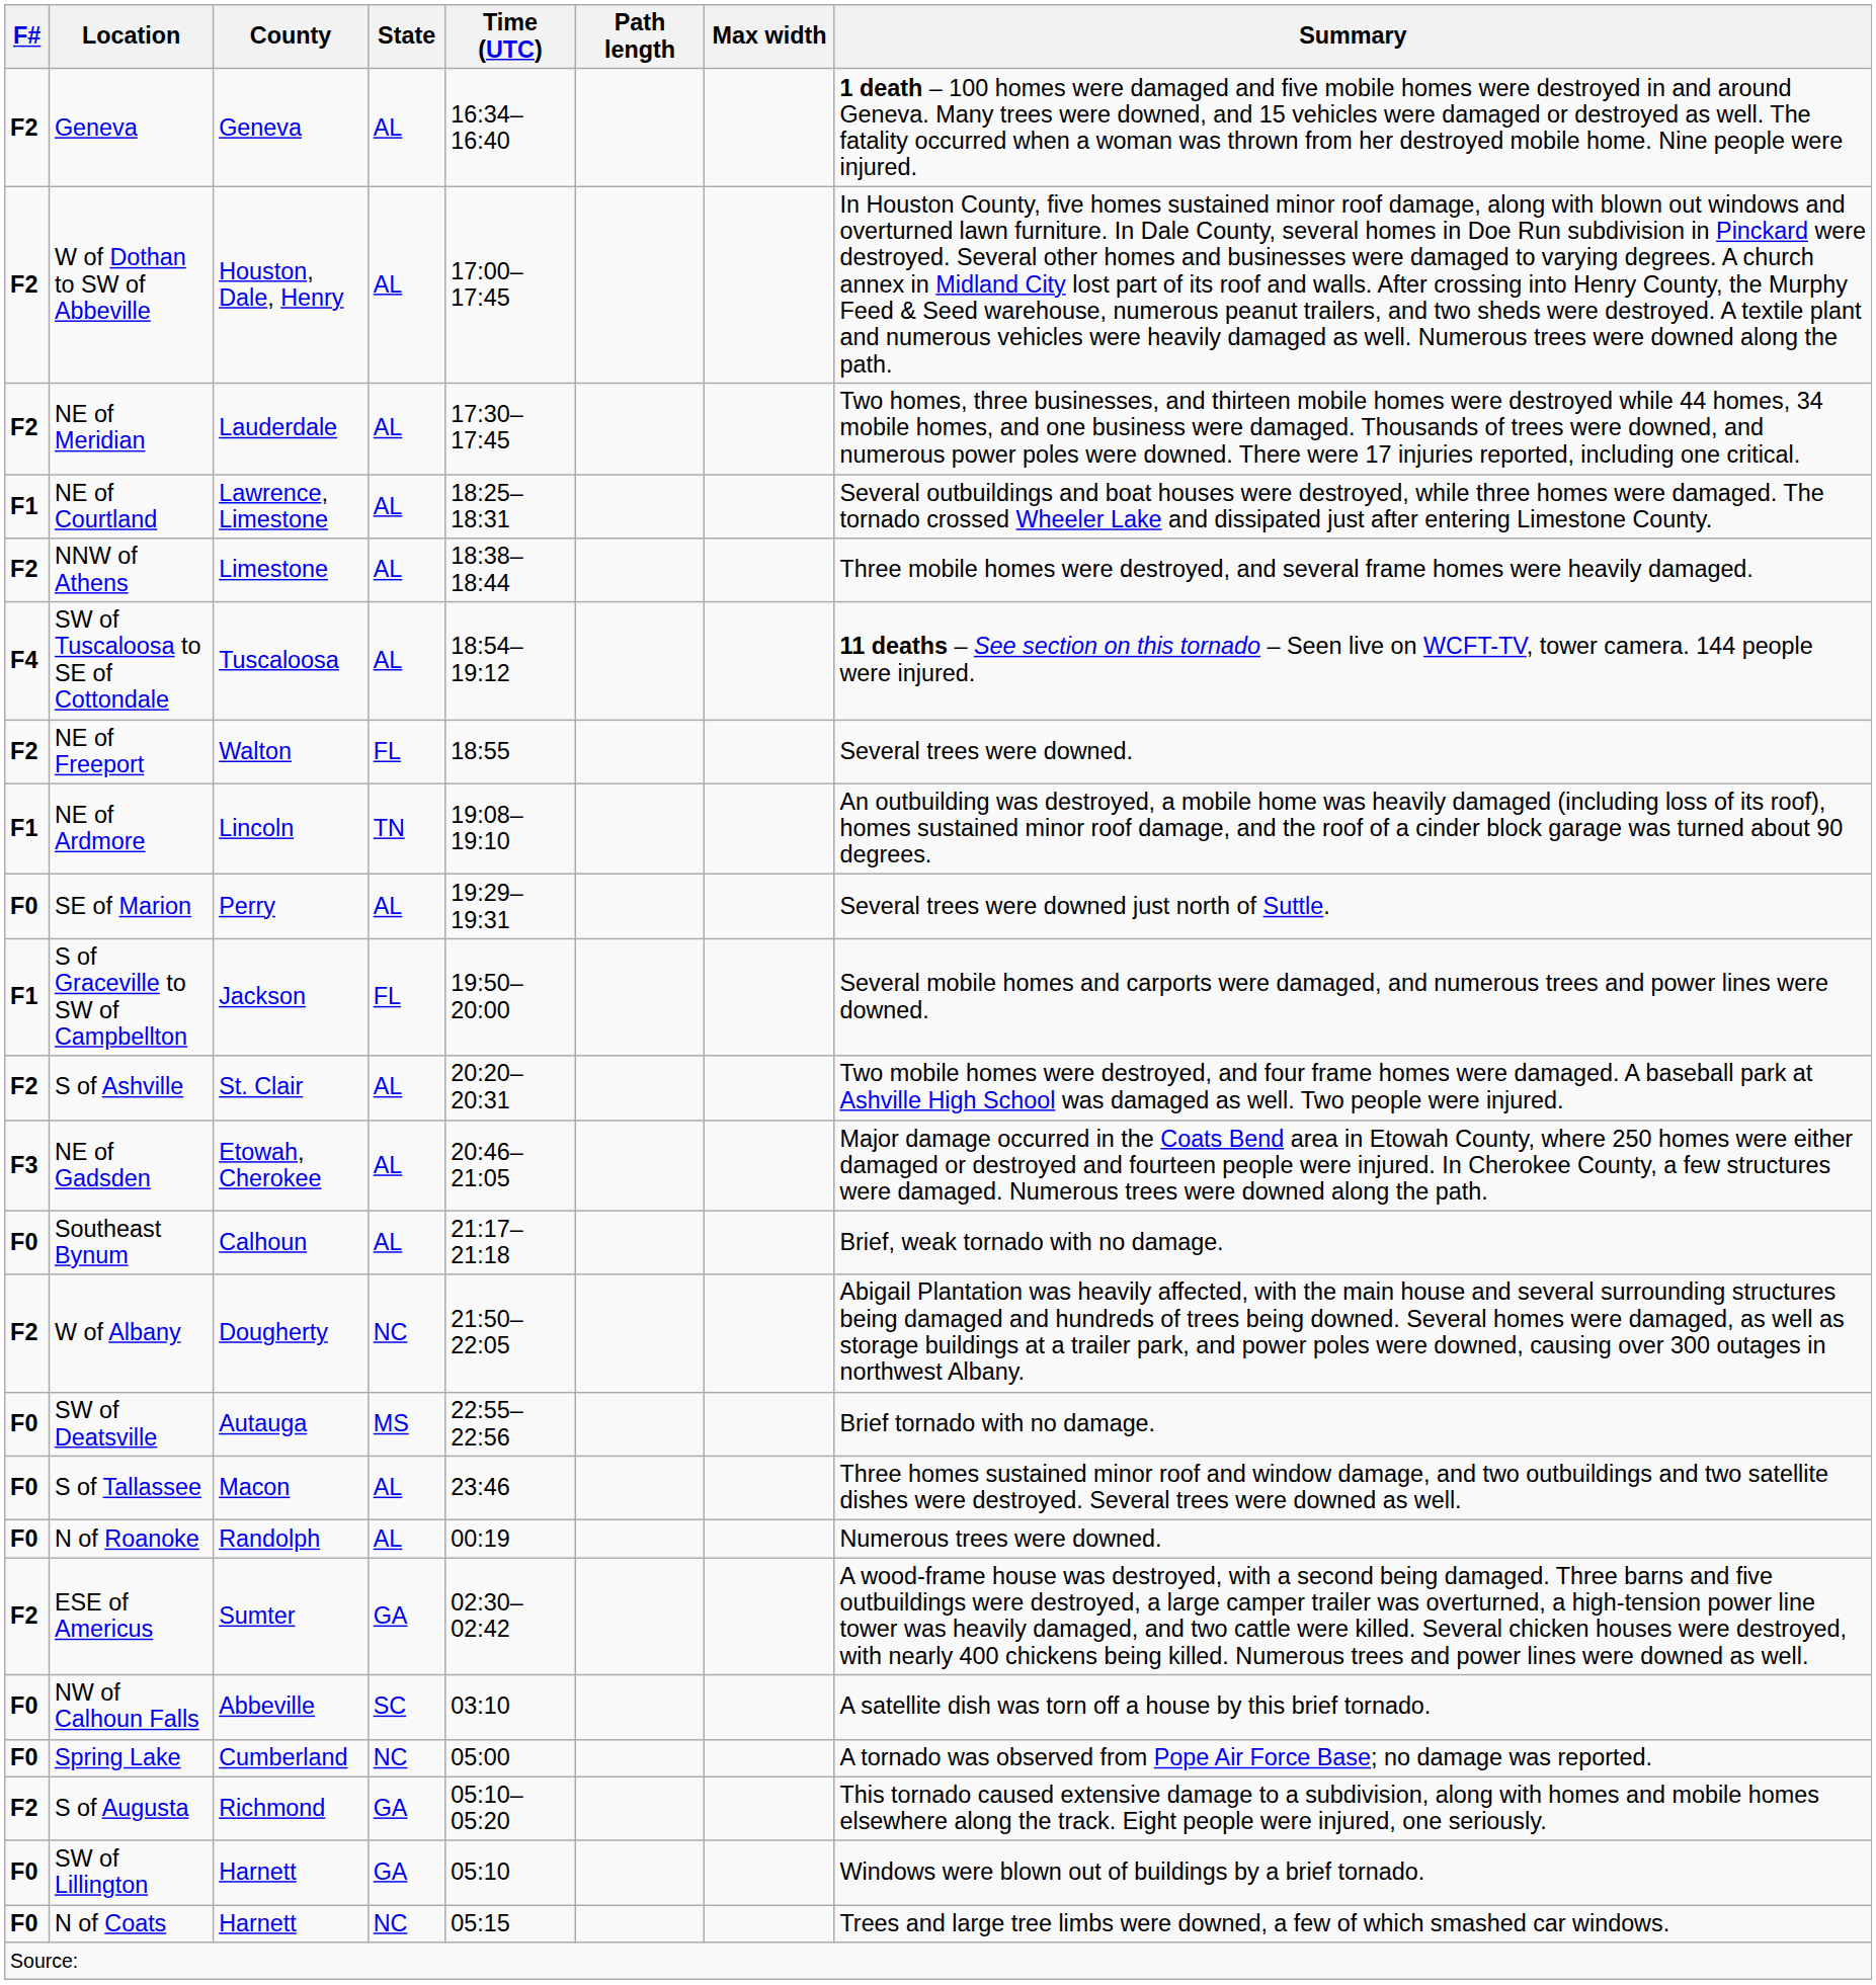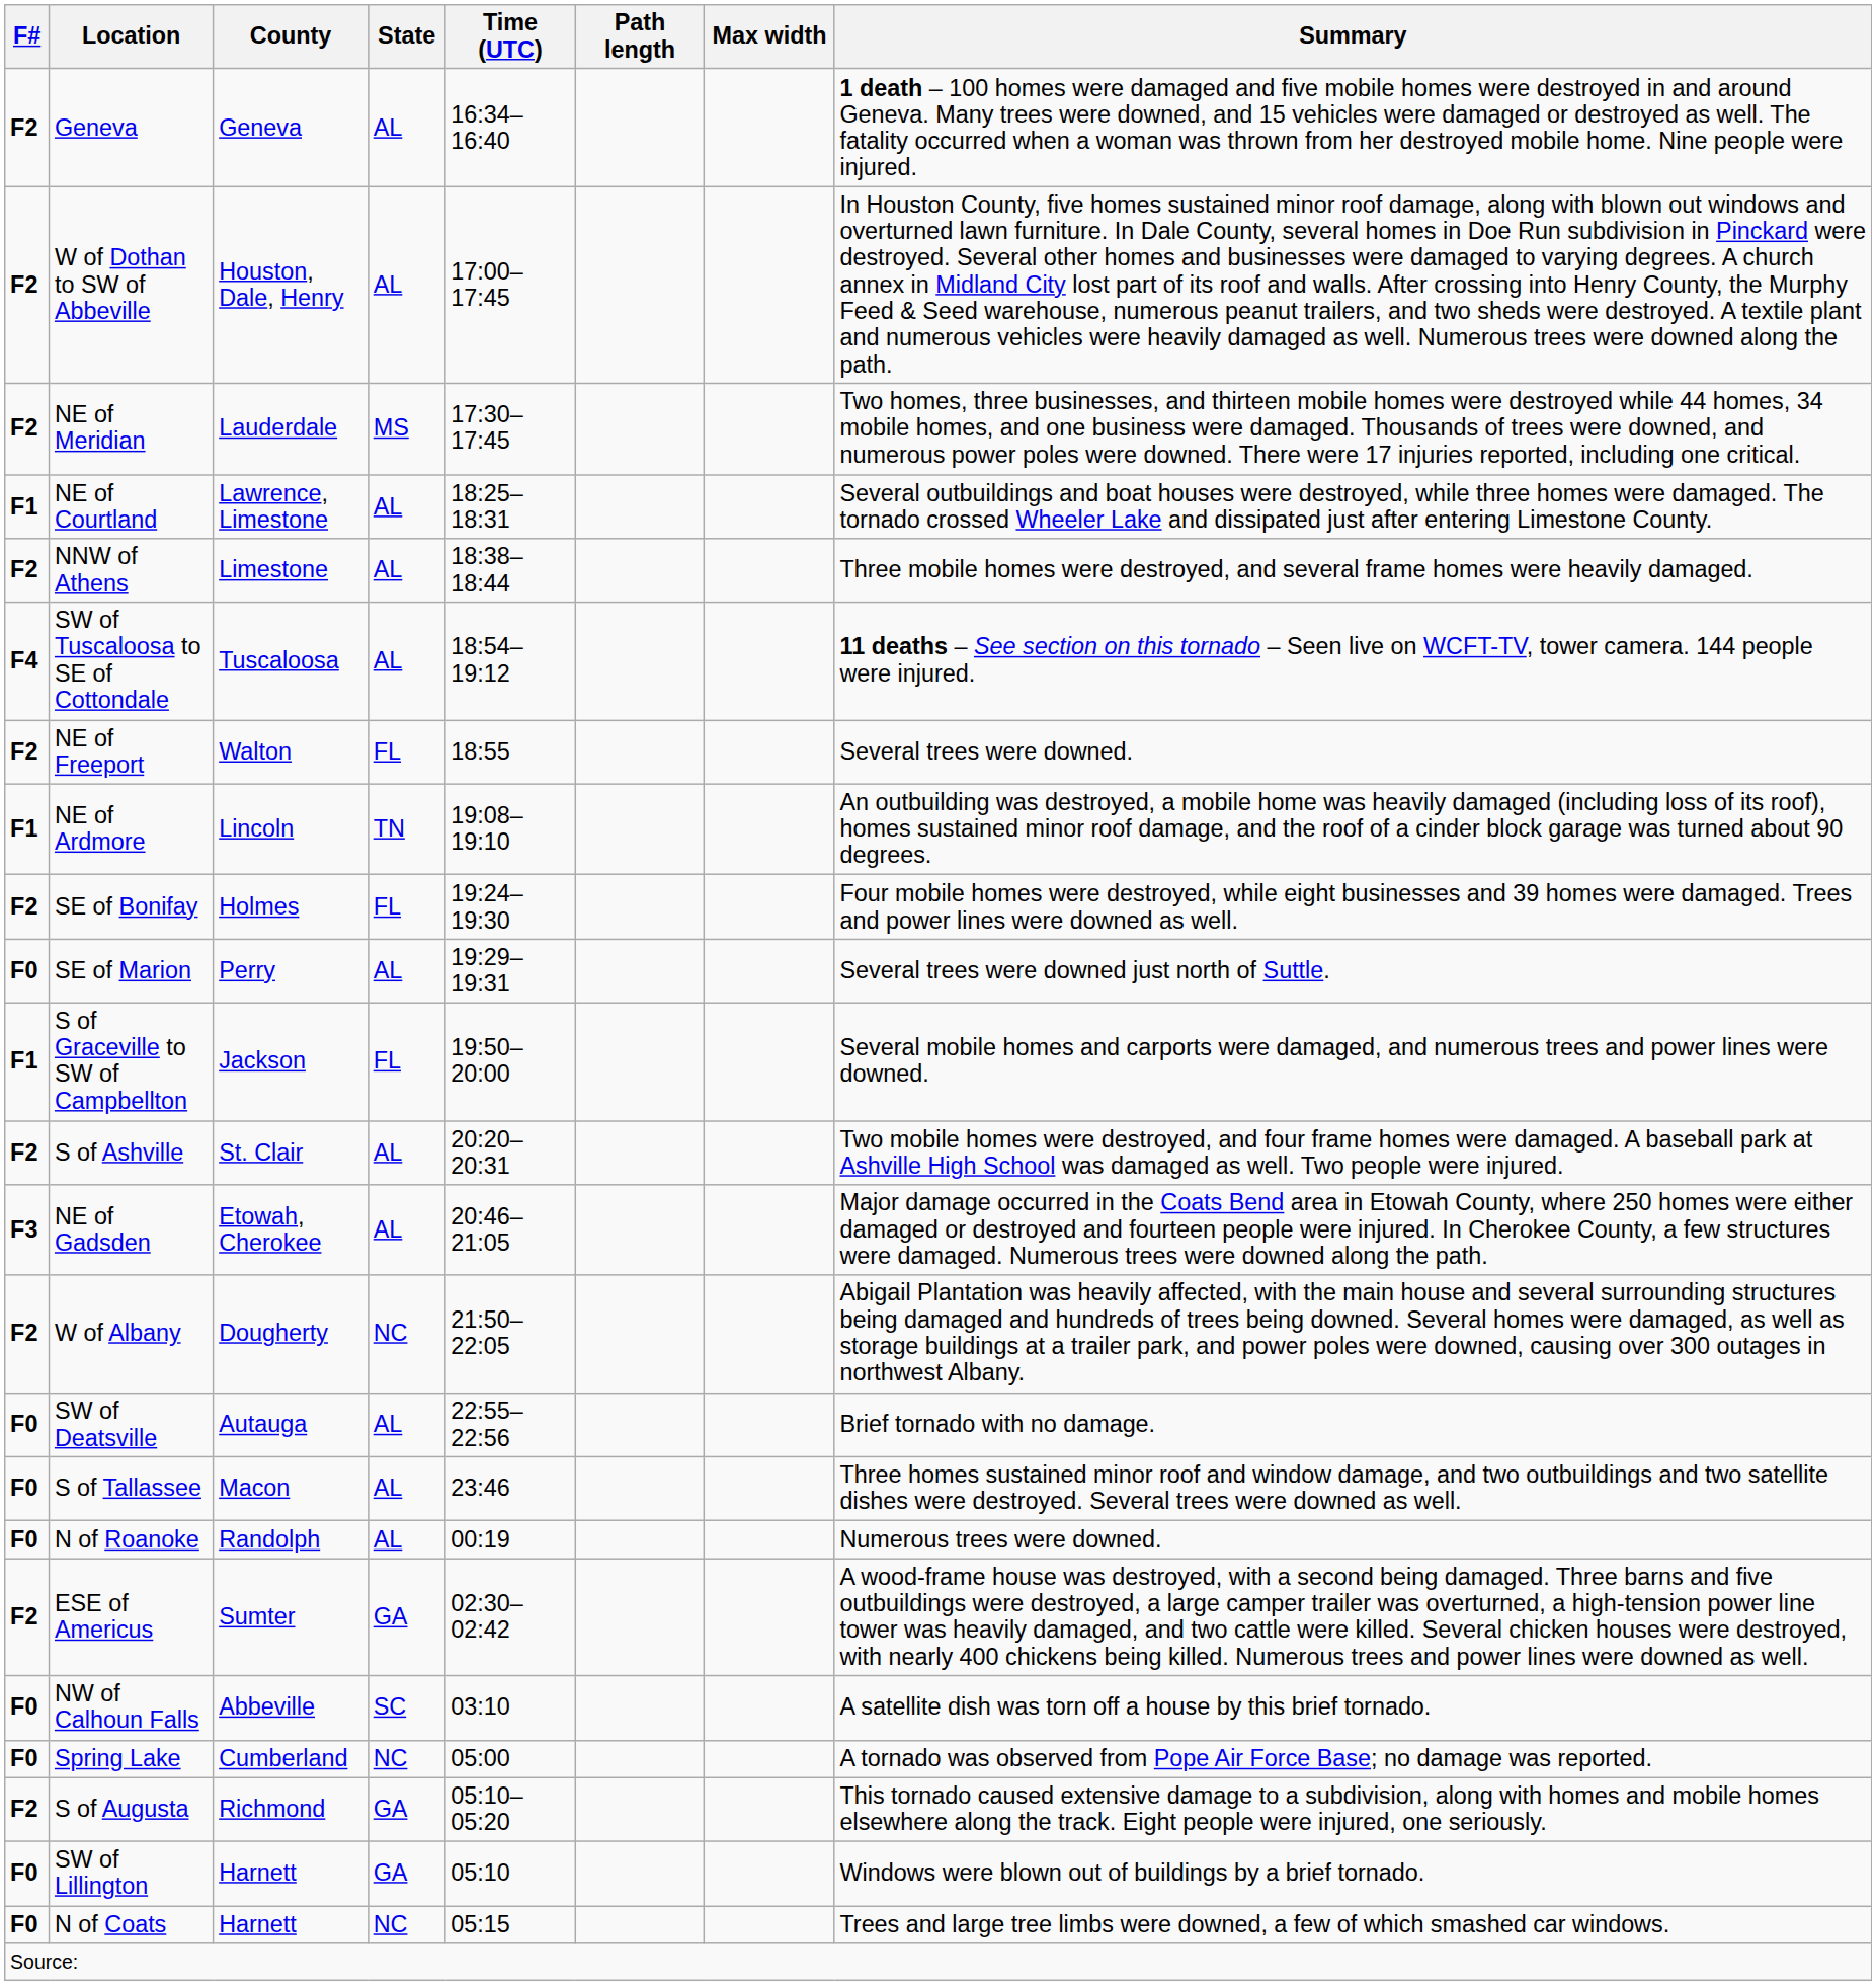 <table class="wikitable sortable" style="width:100%;">
 <tr>
 <th scope="col"  style="width:2%; text-align:center;"><a href='#'>F#</a></th>
 <th scope="col"  style="width:7%; text-align:center;" class="unsortable">Location</th>
 <th scope="col"  style="width:5%; text-align:center;" class="unsortable">County</th>
 <th scope="col"  style="width:3%; text-align:center;">State</th>
 <th scope="col"  style="width:6%; text-align:center;">Time (<a href='#'>UTC</a>)</th>
 <th scope="col"  style="width:6%; text-align:center;">Path length</th>
 <th scope="col"  style="width:6%; text-align:center;">Max width</th>
 <th scope="col" class="unsortable" style="width:48%; text-align:center;">Summary</th>
 </tr>
 <tr>
 <td><strong>F2</strong></td>
 <td><a href='#'>Geneva</a></td>
 <td><a href='#'>Geneva</a></td>
 <td><a href='#'>AL</a></td>
 <td>16:34–16:40</td>
 <td></td>
 <td></td>
 <td><strong>1 death</strong> – 100 homes were damaged and five mobile homes were destroyed in and around Geneva. Many trees were downed, and 15 vehicles were damaged or destroyed as well. The fatality occurred when a woman was thrown  from her destroyed mobile home. Nine people were injured.</td>
 </tr>
 <tr>
 <td><strong>F2</strong></td>
 <td>W of <a href='#'>Dothan</a> to SW of <a href='#'>Abbeville</a></td>
 <td><a href='#'>Houston</a>, <a href='#'>Dale</a>, <a href='#'>Henry</a></td>
 <td><a href='#'>AL</a></td>
 <td>17:00–17:45</td>
 <td></td>
 <td></td>
 <td>In Houston County, five homes sustained minor roof damage, along with blown out windows and overturned lawn furniture. In Dale County, several homes in Doe Run subdivision in <a href='#'>Pinckard</a> were destroyed. Several other homes and businesses were damaged to varying degrees. A church annex in <a href='#'>Midland City</a> lost part of its roof and walls. After crossing into Henry County, the Murphy Feed & Seed warehouse, numerous peanut trailers, and two sheds were destroyed. A textile plant and numerous vehicles were heavily damaged as well. Numerous trees were downed along the path.</td>
 </tr>
 <tr>
 <td><strong>F2</strong></td>
 <td>NE of <a href='#'>Meridian</a></td>
 <td><a href='#'>Lauderdale</a></td>
-<td><a href='#'>AL</a></td>
+<td><a href='#'>MS</a></td>
 <td>17:30–17:45</td>
 <td></td>
 <td></td>
 <td>Two homes, three businesses, and thirteen mobile homes were destroyed while 44 homes, 34 mobile homes, and one business were damaged. Thousands of trees were downed, and numerous power poles were downed. There were 17 injuries reported, including one critical.</td>
 </tr>
 <tr>
 <td><strong>F1</strong></td>
 <td>NE of <a href='#'>Courtland</a></td>
 <td><a href='#'>Lawrence</a>, <a href='#'>Limestone</a></td>
 <td><a href='#'>AL</a></td>
 <td>18:25–18:31</td>
 <td></td>
 <td></td>
 <td>Several outbuildings and boat houses were destroyed, while three homes were damaged. The tornado crossed <a href='#'>Wheeler Lake</a> and dissipated just after entering Limestone County.</td>
 </tr>
 <tr>
 <td><strong>F2</strong></td>
 <td>NNW of <a href='#'>Athens</a></td>
 <td><a href='#'>Limestone</a></td>
 <td><a href='#'>AL</a></td>
 <td>18:38–18:44</td>
 <td></td>
 <td></td>
 <td>Three mobile homes were destroyed, and several frame homes were heavily damaged.</td>
 </tr>
 <tr>
 <td><strong>F4</strong></td>
 <td>SW of <a href='#'>Tuscaloosa</a> to SE of <a href='#'>Cottondale</a></td>
 <td><a href='#'>Tuscaloosa</a></td>
 <td><a href='#'>AL</a></td>
 <td>18:54–19:12</td>
 <td></td>
 <td></td>
 <td><strong>11 deaths</strong> – <em><a href='#'>See section on this tornado</a></em> – Seen live on <a href='#'>WCFT-TV</a>, tower camera. 144 people were injured.</td>
 </tr>
 <tr>
 <td><strong>F2</strong></td>
 <td>NE of <a href='#'>Freeport</a></td>
 <td><a href='#'>Walton</a></td>
 <td><a href='#'>FL</a></td>
 <td>18:55</td>
 <td></td>
 <td></td>
 <td>Several trees were downed.</td>
 </tr>
 <tr>
 <td><strong>F1</strong></td>
 <td>NE of <a href='#'>Ardmore</a></td>
 <td><a href='#'>Lincoln</a></td>
 <td><a href='#'>TN</a></td>
 <td>19:08–19:10</td>
 <td></td>
 <td></td>
 <td>An outbuilding was destroyed, a mobile home was heavily damaged (including loss of its roof), homes sustained minor roof damage, and the roof of a cinder block garage was turned about 90 degrees.</td>
 </tr>
 <tr>
+<td><strong>F2</strong></td>
+<td>SE of <a href='#'>Bonifay</a></td>
+<td><a href='#'>Holmes</a></td>
+<td><a href='#'>FL</a></td>
+<td>19:24–19:30</td>
+<td></td>
+<td></td>
+<td>Four mobile homes were destroyed, while eight businesses and 39 homes were damaged. Trees and power lines were downed as well.</td>
+</tr>
+<tr>
 <td><strong>F0</strong></td>
 <td>SE of <a href='#'>Marion</a></td>
 <td><a href='#'>Perry</a></td>
 <td><a href='#'>AL</a></td>
 <td>19:29–19:31</td>
 <td></td>
 <td></td>
 <td>Several trees were downed just north of <a href='#'>Suttle</a>.</td>
 </tr>
 <tr>
 <td><strong>F1</strong></td>
 <td>S of <a href='#'>Graceville</a> to SW of <a href='#'>Campbellton</a></td>
 <td><a href='#'>Jackson</a></td>
 <td><a href='#'>FL</a></td>
 <td>19:50–20:00</td>
 <td></td>
 <td></td>
 <td>Several mobile homes and carports were damaged, and numerous trees and power lines were downed.</td>
 </tr>
 <tr>
 <td><strong>F2</strong></td>
 <td>S of <a href='#'>Ashville</a></td>
 <td><a href='#'>St. Clair</a></td>
 <td><a href='#'>AL</a></td>
 <td>20:20–20:31</td>
 <td></td>
 <td></td>
 <td>Two mobile homes were destroyed, and four frame homes were damaged. A baseball park at <a href='#'>Ashville High School</a> was damaged as well. Two people were injured.</td>
 </tr>
 <tr>
 <td><strong>F3</strong></td>
 <td>NE of <a href='#'>Gadsden</a></td>
 <td><a href='#'>Etowah</a>, <a href='#'>Cherokee</a></td>
 <td><a href='#'>AL</a></td>
 <td>20:46–21:05</td>
 <td></td>
 <td></td>
 <td>Major damage occurred in the <a href='#'>Coats Bend</a> area in Etowah County, where 250 homes were either damaged or destroyed and fourteen people were injured. In Cherokee County, a few structures were damaged. Numerous trees were downed along the path.</td>
 </tr>
 <tr>
-<td><strong>F0</strong></td>
-<td>Southeast <a href='#'>Bynum</a></td>
-<td><a href='#'>Calhoun</a></td>
-<td><a href='#'>AL</a></td>
-<td>21:17–21:18</td>
-<td></td>
-<td></td>
-<td>Brief, weak tornado with no damage.</td>
-</tr>
-<tr>
 <td><strong>F2</strong></td>
 <td>W of <a href='#'>Albany</a></td>
 <td><a href='#'>Dougherty</a></td>
 <td><a href='#'>NC</a></td>
 <td>21:50–22:05</td>
 <td></td>
 <td></td>
 <td>Abigail Plantation was heavily affected, with the main house and several surrounding structures being damaged and hundreds of trees being downed. Several homes were damaged, as well as storage buildings at a trailer park, and power poles were downed, causing over 300 outages in northwest Albany.</td>
 </tr>
 <tr>
 <td><strong>F0</strong></td>
 <td>SW of <a href='#'>Deatsville</a></td>
 <td><a href='#'>Autauga</a></td>
-<td><a href='#'>MS</a></td>
+<td><a href='#'>AL</a></td>
 <td>22:55–22:56</td>
 <td></td>
 <td></td>
 <td>Brief tornado with no damage.</td>
 </tr>
 <tr>
 <td><strong>F0</strong></td>
 <td>S of <a href='#'>Tallassee</a></td>
 <td><a href='#'>Macon</a></td>
 <td><a href='#'>AL</a></td>
 <td>23:46</td>
 <td></td>
 <td></td>
 <td>Three homes sustained minor roof and window damage, and two outbuildings and two satellite dishes were destroyed. Several trees were downed as well.</td>
 </tr>
 <tr>
 <td><strong>F0</strong></td>
 <td>N of <a href='#'>Roanoke</a></td>
 <td><a href='#'>Randolph</a></td>
 <td><a href='#'>AL</a></td>
 <td>00:19</td>
 <td></td>
 <td></td>
 <td>Numerous trees were downed.</td>
 </tr>
 <tr>
 <td><strong>F2</strong></td>
 <td>ESE of <a href='#'>Americus</a></td>
 <td><a href='#'>Sumter</a></td>
 <td><a href='#'>GA</a></td>
 <td>02:30–02:42</td>
 <td></td>
 <td></td>
 <td>A wood-frame house was destroyed, with a second being damaged. Three barns and five outbuildings were destroyed, a large camper trailer was overturned, a high-tension power line tower was heavily damaged, and two cattle were killed. Several chicken houses were destroyed, with nearly 400 chickens being killed. Numerous trees and power lines were downed as well.</td>
 </tr>
 <tr>
 <td><strong>F0</strong></td>
 <td>NW of <a href='#'>Calhoun Falls</a></td>
 <td><a href='#'>Abbeville</a></td>
 <td><a href='#'>SC</a></td>
 <td>03:10</td>
 <td></td>
 <td></td>
 <td>A satellite dish was torn off a house by this brief tornado.</td>
 </tr>
 <tr>
 <td><strong>F0</strong></td>
 <td><a href='#'>Spring Lake</a></td>
 <td><a href='#'>Cumberland</a></td>
 <td><a href='#'>NC</a></td>
 <td>05:00</td>
 <td></td>
 <td></td>
 <td>A tornado was observed from <a href='#'>Pope Air Force Base</a>; no damage was reported.</td>
 </tr>
 <tr>
 <td><strong>F2</strong></td>
 <td>S of <a href='#'>Augusta</a></td>
 <td><a href='#'>Richmond</a></td>
 <td><a href='#'>GA</a></td>
 <td>05:10–05:20</td>
 <td></td>
 <td></td>
 <td>This tornado caused extensive damage to a subdivision, along with homes and mobile homes elsewhere along the track. Eight people were injured, one seriously.</td>
 </tr>
 <tr>
 <td><strong>F0</strong></td>
 <td>SW of <a href='#'>Lillington</a></td>
 <td><a href='#'>Harnett</a></td>
 <td><a href='#'>GA</a></td>
 <td>05:10</td>
 <td></td>
 <td></td>
 <td>Windows were blown out of buildings by a brief tornado.</td>
 </tr>
 <tr>
 <td><strong>F0</strong></td>
 <td>N of <a href='#'>Coats</a></td>
 <td><a href='#'>Harnett</a></td>
 <td><a href='#'>NC</a></td>
 <td>05:15</td>
 <td></td>
 <td></td>
 <td>Trees and large tree limbs were downed, a few of which smashed car windows.</td>
 </tr>
 <tr>
 <td colspan="8"><small>Source: </small></td>
 </tr>
 </table>
